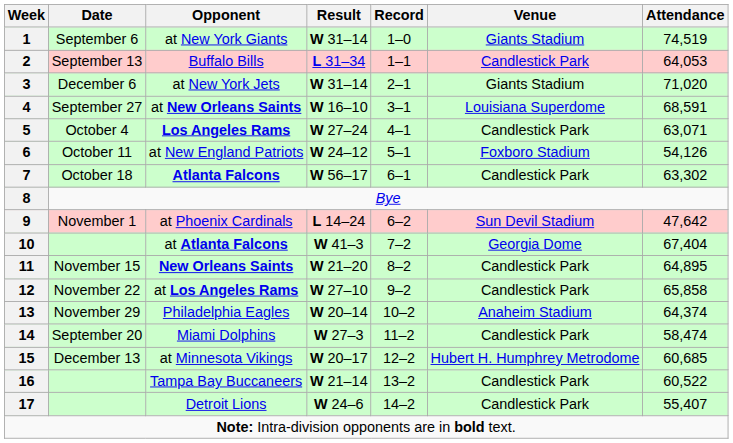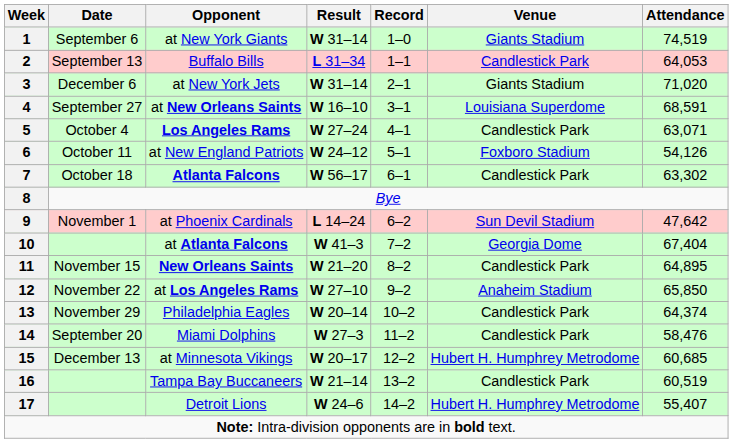 <table class="wikitable" style="text-align:center;">
 <tr>
 <th>Week</th>
 <th>Date</th>
 <th>Opponent</th>
 <th>Result</th>
 <th>Record</th>
 <th>Venue</th>
 <th>Attendance</th>
 </tr>
 <tr style="background:#cfc">
 <th>1</th>
 <td>September 6</td>
 <td>at <a href='#'>New York Giants</a></td>
 <td><strong>W</strong> 31–14</td>
 <td>1–0</td>
 <td><a href='#'>Giants Stadium</a></td>
 <td>74,519</td>
 </tr>
 <tr style="background:#fcc">
 <th>2</th>
 <td>September 13</td>
 <td><a href='#'>Buffalo Bills</a></td>
 <td><a href='#'><strong>L</strong> 31–34</a></td>
 <td>1–1</td>
 <td><a href='#'>Candlestick Park</a></td>
 <td>64,053</td>
 </tr>
 <tr style="background:#cfc">
 <th>3</th>
 <td>December 6</td>
 <td>at <a href='#'>New York Jets</a></td>
 <td><strong>W</strong> 31–14</td>
 <td>2–1</td>
 <td>Giants Stadium</td>
 <td>71,020</td>
 </tr>
 <tr style="background:#cfc">
 <th>4</th>
 <td>September 27</td>
 <td>at <strong><a href='#'>New Orleans Saints</a></strong></td>
 <td><strong>W</strong> 16–10</td>
 <td>3–1</td>
 <td><a href='#'>Louisiana Superdome</a></td>
 <td>68,591</td>
 </tr>
 <tr style="background:#cfc">
 <th>5</th>
 <td>October 4</td>
 <td><strong><a href='#'>Los Angeles Rams</a></strong></td>
 <td><strong>W</strong> 27–24</td>
 <td>4–1</td>
 <td>Candlestick Park</td>
 <td>63,071</td>
 </tr>
 <tr style="background:#cfc">
 <th>6</th>
 <td>October 11</td>
 <td>at <a href='#'>New England Patriots</a></td>
 <td><strong>W</strong> 24–12</td>
 <td>5–1</td>
 <td><a href='#'>Foxboro Stadium</a></td>
 <td>54,126</td>
 </tr>
 <tr style="background:#cfc">
 <th>7</th>
 <td>October 18</td>
 <td><strong><a href='#'>Atlanta Falcons</a></strong></td>
 <td><strong>W</strong> 56–17</td>
 <td>6–1</td>
 <td>Candlestick Park</td>
 <td>63,302</td>
 </tr>
 <tr>
 <th>8</th>
 <td colspan=6  align=center><em><a href='#'>Bye</a></em></td>
 </tr>
 <tr style="background:#fcc">
 <th>9</th>
 <td>November 1</td>
 <td>at <a href='#'>Phoenix Cardinals</a></td>
 <td><strong>L</strong> 14–24</td>
 <td>6–2</td>
 <td><a href='#'>Sun Devil Stadium</a></td>
 <td>47,642</td>
 </tr>
 <tr style="background:#cfc">
 <th>10</th>
 <td></td>
 <td>at <strong><a href='#'>Atlanta Falcons</a></strong></td>
 <td><strong>W</strong> 41–3</td>
 <td>7–2</td>
 <td><a href='#'>Georgia Dome</a></td>
 <td>67,404</td>
 </tr>
 <tr style="background:#cfc">
 <th>11</th>
 <td>November 15</td>
 <td><strong><a href='#'>New Orleans Saints</a></strong></td>
 <td><strong>W</strong> 21–20</td>
 <td>8–2</td>
 <td>Candlestick Park</td>
 <td>64,895</td>
 </tr>
 <tr style="background:#cfc">
 <th>12</th>
 <td>November 22</td>
 <td>at <strong><a href='#'>Los Angeles Rams</a></strong></td>
 <td><strong>W</strong> 27–10</td>
 <td>9–2</td>
-<td>Candlestick Park</td>
-<td>65,858</td>
+<td><a href='#'>Anaheim Stadium</a></td>
+<td>65,850</td>
 </tr>
 <tr style="background:#cfc">
 <th>13</th>
 <td>November 29</td>
 <td><a href='#'>Philadelphia Eagles</a></td>
 <td><strong>W</strong> 20–14</td>
 <td>10–2</td>
-<td><a href='#'>Anaheim Stadium</a></td>
+<td>Candlestick Park</td>
 <td>64,374</td>
 </tr>
 <tr style="background:#cfc">
 <th>14</th>
 <td>September 20</td>
 <td><a href='#'>Miami Dolphins</a></td>
 <td><strong>W</strong> 27–3</td>
 <td>11–2</td>
 <td>Candlestick Park</td>
-<td>58,474</td>
+<td>58,476</td>
 </tr>
 <tr style="background:#cfc">
 <th>15</th>
 <td>December 13</td>
 <td>at <a href='#'>Minnesota Vikings</a></td>
 <td><strong>W</strong> 20–17</td>
 <td>12–2</td>
 <td><a href='#'>Hubert H. Humphrey Metrodome</a></td>
 <td>60,685</td>
 </tr>
 <tr style="background:#cfc">
 <th>16</th>
 <td></td>
 <td><a href='#'>Tampa Bay Buccaneers</a></td>
 <td><strong>W</strong> 21–14</td>
 <td>13–2</td>
 <td>Candlestick Park</td>
-<td>60,522</td>
+<td>60,519</td>
 </tr>
 <tr style="background:#cfc">
 <th>17</th>
 <td></td>
 <td><a href='#'>Detroit Lions</a></td>
 <td><strong>W</strong> 24–6</td>
 <td>14–2</td>
-<td>Candlestick Park</td>
+<td><a href='#'>Hubert H. Humphrey Metrodome</a></td>
 <td>55,407</td>
 </tr>
 <tr>
 <td colspan="8"><strong>Note:</strong> Intra-division opponents are in <strong>bold</strong> text.</td>
 </tr>
 </table>
